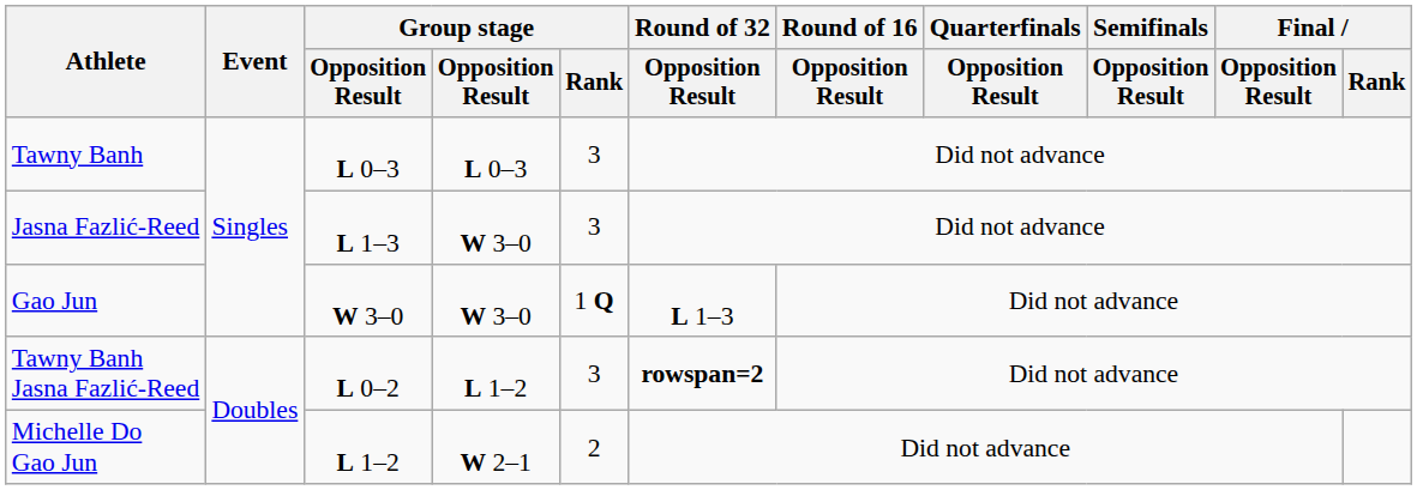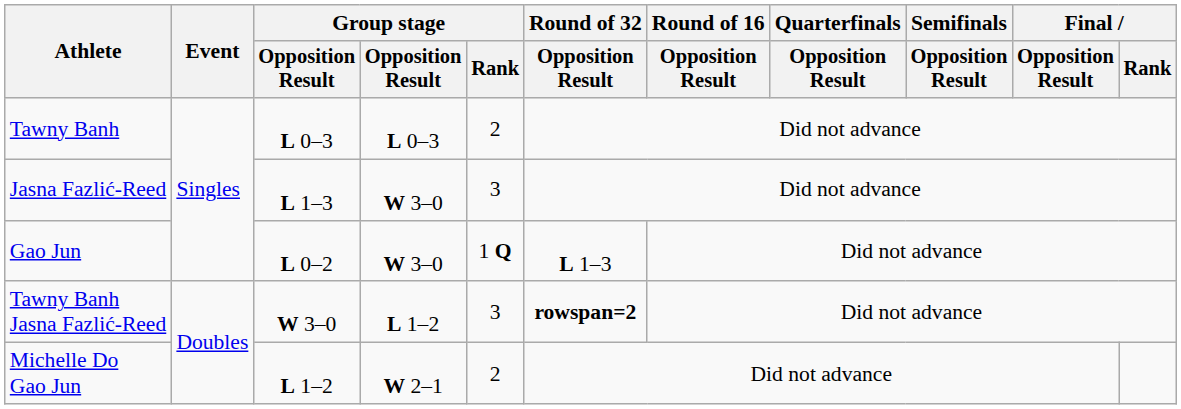 <table class=wikitable style=font-size:90%;text-align:center>
 <tr>
 <th rowspan=2>Athlete</th>
 <th rowspan=2>Event</th>
 <th colspan=3>Group stage</th>
 <th>Round of 32</th>
 <th>Round of 16</th>
 <th>Quarterfinals</th>
 <th>Semifinals</th>
 <th colspan=2>Final / </th>
 </tr>
 <tr style=font-size:95%>
 <th>Opposition<br>Result</th>
 <th>Opposition<br>Result</th>
 <th>Rank</th>
 <th>Opposition<br>Result</th>
 <th>Opposition<br>Result</th>
 <th>Opposition<br>Result</th>
 <th>Opposition<br>Result</th>
 <th>Opposition<br>Result</th>
 <th>Rank</th>
 </tr>
 <tr>
 <td align=left><a href='#'>Tawny Banh</a></td>
 <td align=left rowspan=3><a href='#'>Singles</a></td>
 <td><br><strong>L</strong> 0–3</td>
 <td><br><strong>L</strong> 0–3</td>
-<td>3</td>
+<td>2</td>
 <td colspan=6>Did not advance</td>
 </tr>
 <tr>
 <td align=left><a href='#'>Jasna Fazlić-Reed</a></td>
 <td><br><strong>L</strong> 1–3</td>
 <td><br><strong>W</strong> 3–0</td>
 <td>3</td>
 <td colspan=6>Did not advance</td>
 </tr>
 <tr>
 <td align=left><a href='#'>Gao Jun</a></td>
-<td><br><strong>W</strong> 3–0</td>
+<td><br><strong>L</strong> 0–2</td>
 <td><br><strong>W</strong> 3–0</td>
 <td>1 <strong>Q</strong></td>
 <td><br><strong>L</strong> 1–3</td>
 <td colspan=5>Did not advance</td>
 </tr>
 <tr>
 <td align=left><a href='#'>Tawny Banh</a><br><a href='#'>Jasna Fazlić-Reed</a></td>
 <td align=left rowspan=2><a href='#'>Doubles</a></td>
-<td><br><strong>L</strong> 0–2</td>
+<td><br><strong>W</strong> 3–0</td>
 <td><br><strong>L</strong> 1–2</td>
 <td>3</td>
 <td><strong>rowspan=2 </strong></td>
 <td colspan=5>Did not advance</td>
 </tr>
 <tr>
 <td align=left><a href='#'>Michelle Do</a><br><a href='#'>Gao Jun</a></td>
 <td><br><strong>L</strong> 1–2</td>
 <td><br><strong>W</strong> 2–1</td>
 <td>2</td>
 <td colspan=5>Did not advance</td>
 </tr>
 </table>
